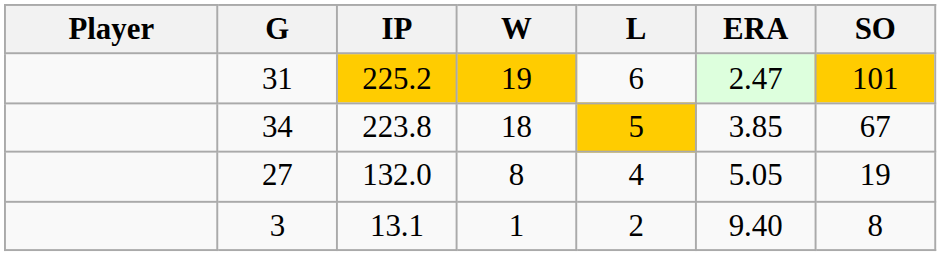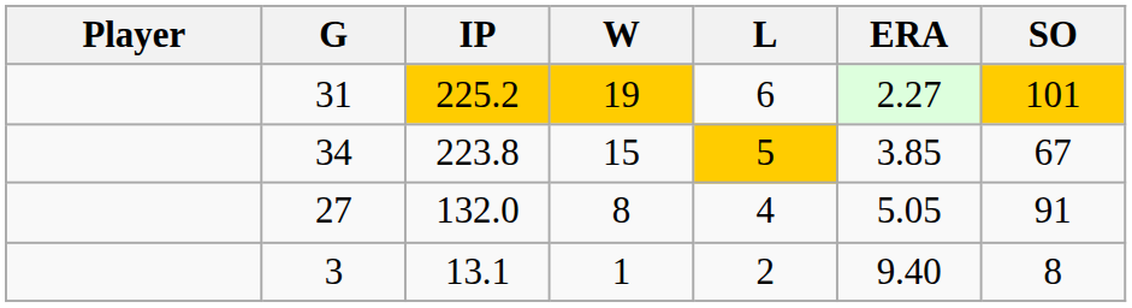 <table class="wikitable sortable">
 <tr>
 <th bgcolor="#DDDDFF" width="16%">Player</th>
 <th bgcolor="#DDDDFF" width="9%">G</th>
 <th bgcolor="#DDDDFF" width="9%">IP</th>
 <th bgcolor="#DDDDFF" width="9%">W</th>
 <th bgcolor="#DDDDFF" width="9%">L</th>
 <th bgcolor="#DDDDFF" width="9%">ERA</th>
 <th bgcolor="#DDDDFF" width="9%">SO</th>
 </tr>
 <tr align="center">
 <td></td>
 <td>31</td>
 <td style="background:#fc0;">225.2</td>
 <td style="background:#fc0;">19</td>
 <td>6</td>
-<td style="background:#DDFFDD;">2.47</td>
+<td style="background:#DDFFDD;">2.27</td>
 <td style="background:#fc0;">101</td>
 </tr>
 <tr align="center">
 <td></td>
 <td>34</td>
 <td>223.8</td>
-<td>18</td>
+<td>15</td>
 <td style="background:#fc0;">5</td>
 <td>3.85</td>
 <td>67</td>
 </tr>
 <tr align="center">
 <td></td>
 <td>27</td>
 <td>132.0</td>
 <td>8</td>
 <td>4</td>
 <td>5.05</td>
-<td>19</td>
+<td>91</td>
 </tr>
 <tr align="center">
 <td></td>
 <td>3</td>
 <td>13.1</td>
 <td>1</td>
 <td>2</td>
 <td>9.40</td>
 <td>8</td>
 </tr>
 </table>
